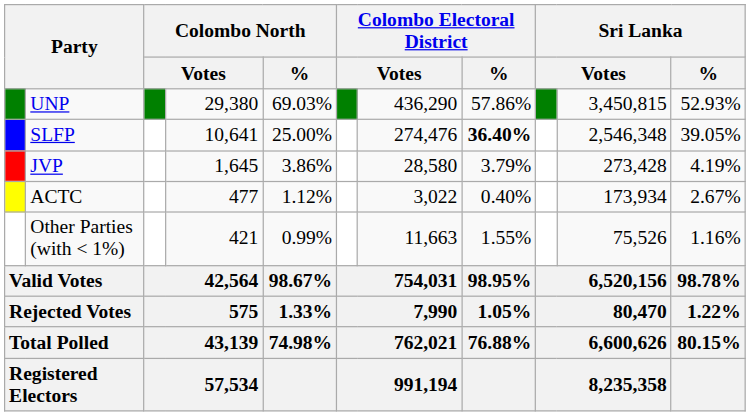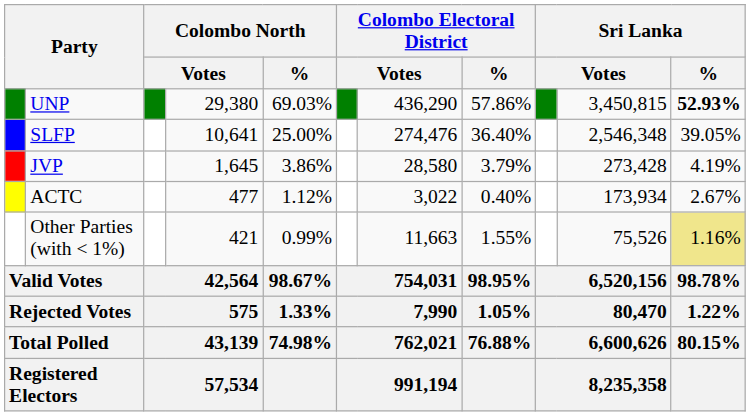 <table class="wikitable">
 <tr>
 <th colspan="2" width="144px"rowspan="2">Party</th>
 <th colspan="3" width="216px">Colombo North</th>
 <th colspan="3" width="216px"><a href='#'>Colombo Electoral District</a></th>
 <th colspan="3" width="216px">Sri Lanka</th>
 </tr>
 <tr>
 <th colspan="2" width="144px">Votes</th>
 <th>%</th>
 <th colspan="2" width="144px">Votes</th>
 <th>%</th>
 <th colspan="2" width="144px">Votes</th>
 <th>%</th>
 </tr>
 <tr>
 <td style="background-color:green;" width="10px"></td>
 <td style="text-align:left;"><a href='#'>UNP</a></td>
 <td style="background-color:green;" width="10px"></td>
 <td style="text-align:right;">29,380</td>
 <td style="text-align:right;">69.03%</td>
 <td style="background-color:green;" width="10px"></td>
 <td style="text-align:right;">436,290</td>
 <td style="text-align:right;">57.86%</td>
 <td style="background-color:green;" width="10px"></td>
 <td style="text-align:right;">3,450,815</td>
-<td style="text-align:right;">52.93%</td>
+<td style="text-align:right;"><strong>52.93%</strong></td>
 </tr>
 <tr>
 <td style="background-color:blue;" width="10px"></td>
 <td style="text-align:left;"><a href='#'>SLFP</a></td>
 <td style="background-color:white;" width="10px"></td>
 <td style="text-align:right;">10,641</td>
 <td style="text-align:right;">25.00%</td>
 <td style="background-color:white;" width="10px"></td>
 <td style="text-align:right;">274,476</td>
-<td style="text-align:right;"><strong>36.40%</strong></td>
+<td style="text-align:right;">36.40%</td>
 <td style="background-color:white;" width="10px"></td>
 <td style="text-align:right;">2,546,348</td>
 <td style="text-align:right;">39.05%</td>
 </tr>
 <tr>
 <td style="background-color:red;" width="10px"></td>
 <td style="text-align:left;"><a href='#'>JVP</a></td>
 <td style="background-color:white;" width="10px"></td>
 <td style="text-align:right;">1,645</td>
 <td style="text-align:right;">3.86%</td>
 <td style="background-color:white;" width="10px"></td>
 <td style="text-align:right;">28,580</td>
 <td style="text-align:right;">3.79%</td>
 <td style="background-color:white;" width="10px"></td>
 <td style="text-align:right;">273,428</td>
 <td style="text-align:right;">4.19%</td>
 </tr>
 <tr>
 <td style="background-color:yellow;" width="10px"></td>
 <td style="text-align:left;">ACTC</td>
 <td style="background-color:white;" width="10px"></td>
 <td style="text-align:right;">477</td>
 <td style="text-align:right;">1.12%</td>
 <td style="background-color:white;" width="10px"></td>
 <td style="text-align:right;">3,022</td>
 <td style="text-align:right;">0.40%</td>
 <td style="background-color:white;" width="10px"></td>
 <td style="text-align:right;">173,934</td>
 <td style="text-align:right;">2.67%</td>
 </tr>
 <tr>
 <td style="background-color:white;" width="10px"></td>
 <td style="text-align:left;">Other Parties (with < 1%)</td>
 <td style="background-color:white;" width="10px"></td>
 <td style="text-align:right;">421</td>
 <td style="text-align:right;">0.99%</td>
 <td style="background-color:white;" width="10px"></td>
 <td style="text-align:right;">11,663</td>
 <td style="text-align:right;">1.55%</td>
 <td style="background-color:white;" width="10px"></td>
 <td style="text-align:right;">75,526</td>
-<td style="text-align:right;">1.16%</td>
+<td style="background: khaki; text-align:right;">1.16%</td>
 </tr>
 <tr>
 <th colspan="2" width="144px"style="text-align:left;">Valid Votes</th>
 <th style="text-align:right;"colspan="2" width="144px">42,564</th>
 <th style="text-align:right;">98.67%</th>
 <th style="text-align:right;"colspan="2" width="144px">754,031</th>
 <th style="text-align:right;">98.95%</th>
 <th style="text-align:right;"colspan="2" width="144px">6,520,156</th>
 <th style="text-align:right;">98.78%</th>
 </tr>
 <tr>
 <th colspan="2" width="144px"style="text-align:left;">Rejected Votes</th>
 <th style="text-align:right;"colspan="2" width="144px">575</th>
 <th style="text-align:right;">1.33%</th>
 <th style="text-align:right;"colspan="2" width="144px">7,990</th>
 <th style="text-align:right;">1.05%</th>
 <th style="text-align:right;"colspan="2" width="144px">80,470</th>
 <th style="text-align:right;">1.22%</th>
 </tr>
 <tr>
 <th colspan="2" width="144px"style="text-align:left;">Total Polled</th>
 <th style="text-align:right;"colspan="2" width="144px">43,139</th>
 <th style="text-align:right;">74.98%</th>
 <th style="text-align:right;"colspan="2" width="144px">762,021</th>
 <th style="text-align:right;">76.88%</th>
 <th style="text-align:right;"colspan="2" width="144px">6,600,626</th>
 <th style="text-align:right;">80.15%</th>
 </tr>
 <tr>
 <th colspan="2" width="144px"style="text-align:left;">Registered Electors</th>
 <th style="text-align:right;"colspan="2" width="144px">57,534</th>
 <th></th>
 <th style="text-align:right;"colspan="2" width="144px">991,194</th>
 <th></th>
 <th style="text-align:right;"colspan="2" width="144px">8,235,358</th>
 <th></th>
 </tr>
 </table>
